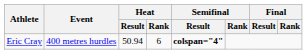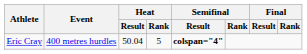 <table class="wikitable" style="font-size:90%">
 <tr>
 <th rowspan="2">Athlete</th>
 <th rowspan="2">Event</th>
 <th colspan="2">Heat</th>
 <th colspan="2">Semifinal</th>
 <th colspan="2">Final</th>
 </tr>
 <tr style="font-size:95%">
 <th>Result</th>
 <th>Rank</th>
 <th>Result</th>
 <th>Rank</th>
 <th>Result</th>
 <th>Rank</th>
 </tr>
 <tr style=text-align:center>
 <td style=text-align:left><a href='#'>Eric Cray</a></td>
 <td style=text-align:left><a href='#'>400 metres hurdles</a></td>
-<td>50.94</td>
-<td>6</td>
+<td>50.04</td>
+<td>5</td>
 <td><strong>colspan="4" </strong></td>
 </tr>
 </table>
